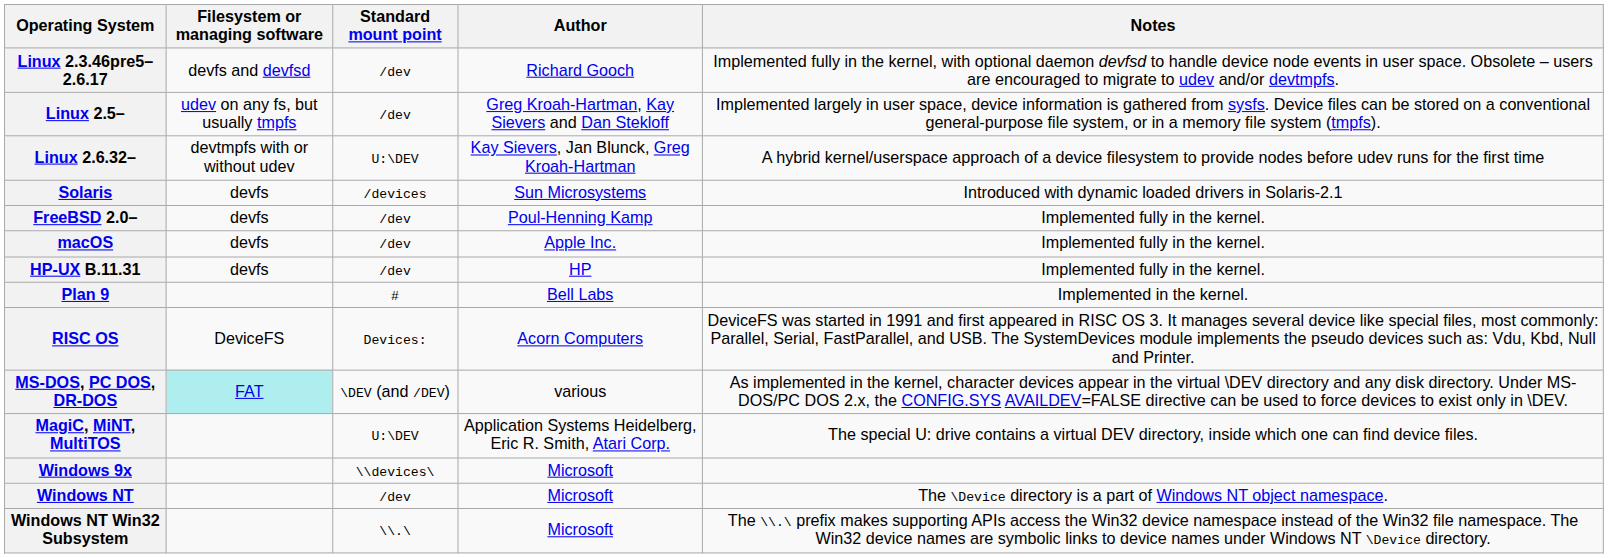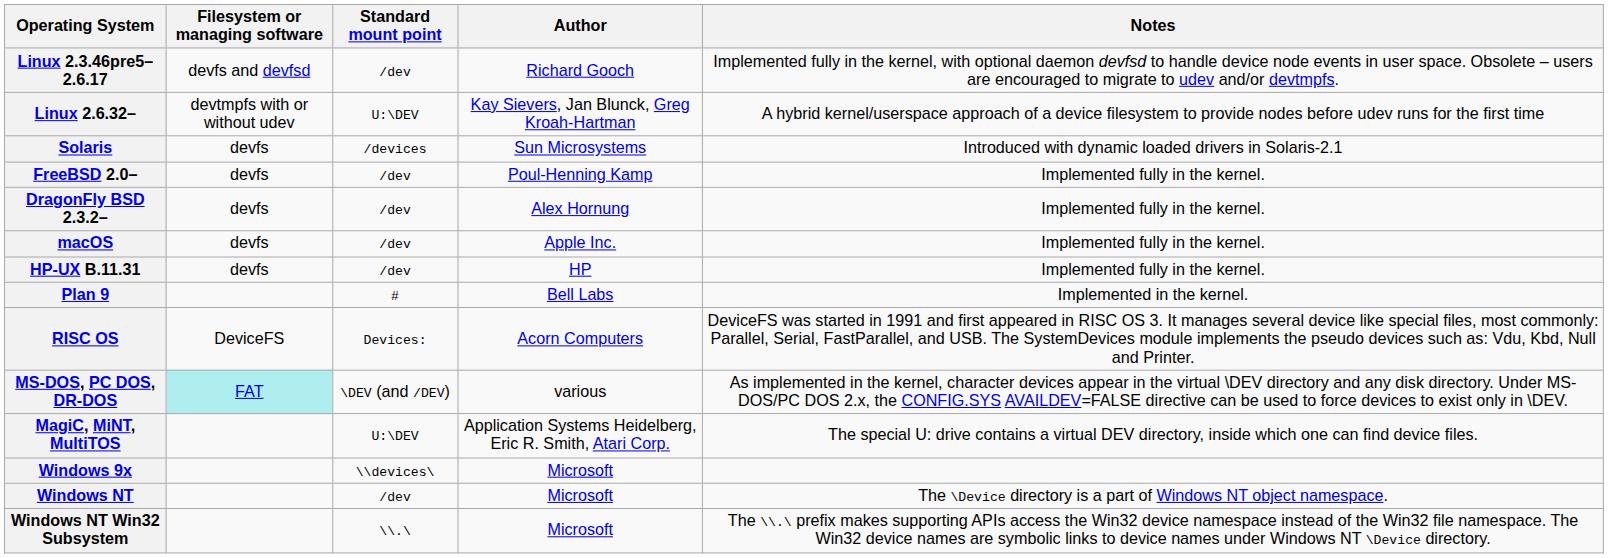 <table class="wikitable" style="width: 100%; text-align: center; ">
 <tr>
 <th>Operating System</th>
 <th>Filesystem or managing software</th>
 <th>Standard <a href='#'>mount point</a></th>
 <th>Author</th>
 <th>Notes</th>
 </tr>
 <tr>
 <th><a href='#'>Linux</a> 2.3.46pre5–2.6.17</th>
 <td>devfs and <a href='#'>devfsd</a></td>
 <td><code>/dev</code></td>
 <td><a href='#'>Richard Gooch</a></td>
 <td>Implemented fully in the kernel, with optional daemon <em>devfsd</em> to handle device node events in user space. Obsolete – users are encouraged to migrate to <a href='#'>udev</a> and/or <a href='#'>devtmpfs</a>.</td>
-</tr>
-<tr>
-<th><a href='#'>Linux</a> 2.5–</th>
-<td><a href='#'>udev</a> on any fs, but usually <a href='#'>tmpfs</a></td>
-<td><code>/dev</code></td>
-<td><a href='#'>Greg Kroah-Hartman</a>, <a href='#'>Kay Sievers</a> and <a href='#'>Dan Stekloff</a></td>
-<td>Implemented largely in user space, device information is gathered from <a href='#'>sysfs</a>. Device files can be stored on a conventional general-purpose file system, or in a memory file system (<a href='#'>tmpfs</a>).</td>
 </tr>
 <tr>
 <th><a href='#'>Linux</a> 2.6.32–</th>
 <td>devtmpfs with or without udev</td>
 <td><code>U:\DEV</code></td>
 <td><a href='#'>Kay Sievers</a>, Jan Blunck, <a href='#'>Greg Kroah-Hartman</a></td>
 <td>A hybrid kernel/userspace approach of a device filesystem to provide nodes before udev runs for the first time</td>
 </tr>
 <tr>
 <th><a href='#'>Solaris</a></th>
 <td>devfs</td>
 <td><code>/devices</code></td>
 <td><a href='#'>Sun Microsystems</a></td>
 <td>Introduced with dynamic loaded drivers in Solaris-2.1</td>
 </tr>
 <tr>
 <th><a href='#'>FreeBSD</a> 2.0–</th>
 <td>devfs</td>
 <td><code>/dev</code></td>
 <td><a href='#'>Poul-Henning Kamp</a></td>
+<td>Implemented fully in the kernel.</td>
+</tr>
+<tr>
+<th><a href='#'>DragonFly BSD</a> 2.3.2–</th>
+<td>devfs</td>
+<td><code>/dev</code></td>
+<td><a href='#'>Alex Hornung</a></td>
 <td>Implemented fully in the kernel.</td>
 </tr>
 <tr>
 <th><a href='#'>macOS</a></th>
 <td>devfs</td>
 <td><code>/dev</code></td>
 <td><a href='#'>Apple Inc.</a></td>
 <td>Implemented fully in the kernel.</td>
 </tr>
 <tr>
 <th><a href='#'>HP-UX</a> B.11.31</th>
 <td>devfs</td>
 <td><code>/dev</code></td>
 <td><a href='#'>HP</a></td>
 <td>Implemented fully in the kernel.</td>
 </tr>
 <tr>
 <th><a href='#'>Plan 9</a></th>
 <td></td>
 <td><code>#</code></td>
 <td><a href='#'>Bell Labs</a></td>
 <td>Implemented in the kernel.</td>
 </tr>
 <tr>
 <th><a href='#'>RISC OS</a></th>
 <td>DeviceFS</td>
 <td><code>Devices:</code></td>
 <td><a href='#'>Acorn Computers</a></td>
 <td>DeviceFS was started in 1991 and first appeared in RISC OS 3. It manages several device like special files, most commonly: Parallel, Serial, FastParallel, and USB. The SystemDevices module implements the pseudo devices such as: Vdu, Kbd, Null and Printer.</td>
 </tr>
 <tr>
 <th><a href='#'>MS-DOS</a>, <a href='#'>PC&nbsp;DOS</a>, <a href='#'>DR-DOS</a></th>
 <td style="background: paleturquoise;"><a href='#'>FAT</a></td>
 <td><code>\DEV</code> (and <code>/DEV</code>)</td>
 <td>various</td>
 <td>As implemented in the kernel, character devices appear in the virtual \DEV directory and any disk directory. Under MS-DOS/PC DOS 2.x, the <a href='#'>CONFIG.SYS</a> <a href='#'>AVAILDEV</a>=FALSE directive can be used to force devices to exist only in \DEV.</td>
 </tr>
 <tr>
 <th><a href='#'>MagiC</a>, <a href='#'>MiNT</a>, <a href='#'>MultiTOS</a></th>
 <td></td>
 <td><code>U:\DEV</code></td>
 <td>Application Systems Heidelberg, Eric R. Smith, <a href='#'>Atari Corp.</a></td>
 <td>The special U: drive contains a virtual DEV directory, inside which one can find device files.</td>
 </tr>
 <tr>
 <th><a href='#'>Windows 9x</a></th>
 <td></td>
 <td><code>\\devices\</code> </td>
 <td><a href='#'>Microsoft</a></td>
 <td></td>
 </tr>
 <tr>
 <th><a href='#'>Windows NT</a></th>
 <td></td>
 <td><code>/dev</code></td>
 <td><a href='#'>Microsoft</a></td>
 <td>The <code>\Device</code> directory is a part of <a href='#'>Windows NT object namespace</a>.</td>
 </tr>
 <tr>
 <th>Windows NT Win32 Subsystem</th>
 <td></td>
 <td><code>\\.\</code></td>
 <td><a href='#'>Microsoft</a></td>
 <td>The <code>\\.\</code> prefix makes supporting APIs access the Win32 device namespace instead of the Win32 file namespace. The Win32 device names are symbolic links to device names under Windows NT <code>\Device</code> directory.</td>
 </tr>
 </table>
